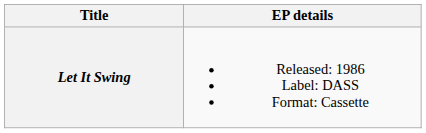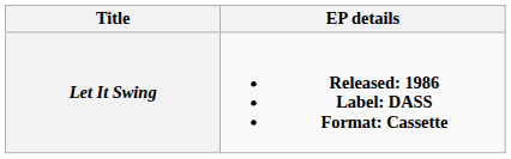 <table class="wikitable plainrowheaders" style="text-align:center;" border="1">
 <tr>
 <th scope="col" style="width:12em;">Title</th>
 <th scope="col" style="width:16em;">EP details</th>
 </tr>
 <tr>
 <th scope="row"><em>Let It Swing</em></th>
-<td><br><ul><li>Released: 1986</li><li>Label: DASS</li><li>Format: Cassette</li></ul></td>
+<td><strong><br><ul><li>Released: 1986</li><li>Label: DASS</li><li>Format: Cassette</li></ul></strong></td>
 </tr>
 </table>
